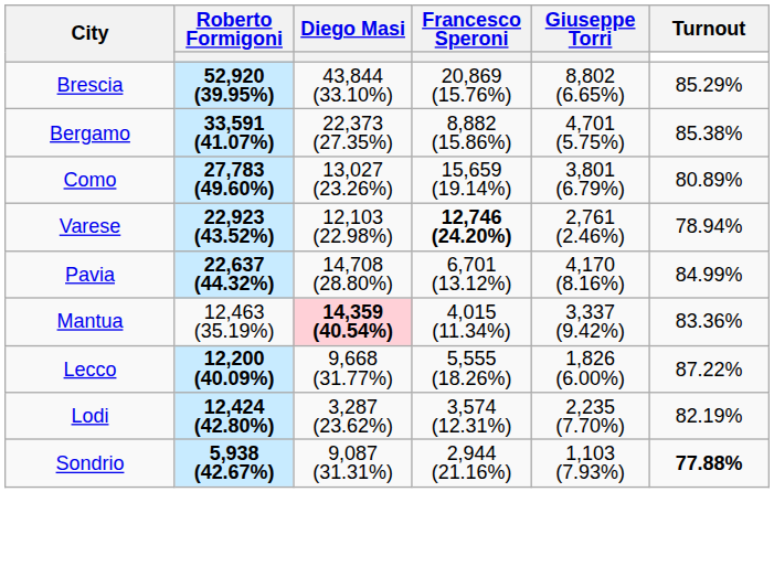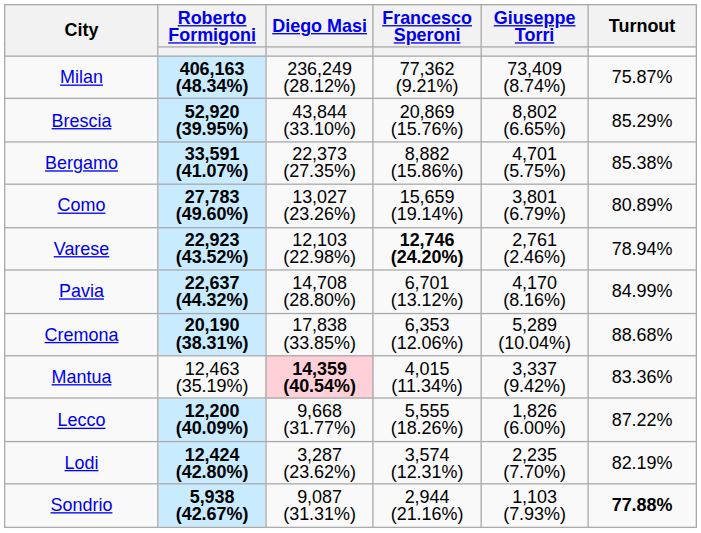 <table class="wikitable" style="text-align:center;font-size:85%;line-height:13px">
 <tr style="height:30px; background-color:#E9E9E9">
 <th style="width:110px;" rowspan="2">City</th>
 <th style="width:75px;"><a href='#'>Roberto Formigoni</a></th>
 <th style="width:75px;"><a href='#'>Diego Masi</a></th>
 <th style="width:75px;"><a href='#'>Francesco Speroni</a></th>
 <th style="width:75px;"><a href='#'>Giuseppe Torri</a></th>
 <th style="width:75px;">Turnout</th>
 </tr>
 <tr>
 <th style="background:"></th>
 <th style="background:"></th>
 <th style="background:"></th>
 <th style="background:"></th>
 <th style="background:white;"></th>
+</tr>
+<tr>
+<td><a href='#'>Milan</a></td>
+<td style="background:#C8EBFF"><strong>406,163 <br>(48.34%)</strong></td>
+<td>236,249 <br>(28.12%)</td>
+<td>77,362 <br>(9.21%)</td>
+<td>73,409 <br>(8.74%)</td>
+<td>75.87%</td>
 </tr>
 <tr>
 <td><a href='#'>Brescia</a></td>
 <td style="background:#C8EBFF"><strong>52,920 <br>(39.95%)</strong></td>
 <td>43,844 <br>(33.10%)</td>
 <td>20,869 <br>(15.76%)</td>
 <td>8,802 <br>(6.65%)</td>
 <td>85.29%</td>
 </tr>
 <tr>
 <td><a href='#'>Bergamo</a></td>
 <td style="background:#C8EBFF"><strong>33,591 <br>(41.07%)</strong></td>
 <td>22,373 <br>(27.35%)</td>
 <td>8,882 <br>(15.86%)</td>
 <td>4,701 <br>(5.75%)</td>
 <td>85.38%</td>
 </tr>
 <tr>
 <td><a href='#'>Como</a></td>
 <td style="background:#C8EBFF"><strong>27,783 <br>(49.60%)</strong></td>
 <td>13,027 <br>(23.26%)</td>
 <td>15,659 <br>(19.14%)</td>
 <td>3,801 <br>(6.79%)</td>
 <td>80.89%</td>
 </tr>
 <tr>
 <td><a href='#'>Varese</a></td>
 <td style="background:#C8EBFF"><strong>22,923 <br>(43.52%)</strong></td>
 <td>12,103 <br>(22.98%)</td>
 <td><strong>12,746 <br>(24.20%)</strong></td>
 <td>2,761 <br>(2.46%)</td>
 <td>78.94%</td>
 </tr>
 <tr>
 <td><a href='#'>Pavia</a></td>
 <td style="background:#C8EBFF"><strong>22,637 <br>(44.32%)</strong></td>
 <td>14,708 <br>(28.80%)</td>
 <td>6,701 <br>(13.12%)</td>
 <td>4,170 <br>(8.16%)</td>
 <td>84.99%</td>
 </tr>
 <tr>
+<td><a href='#'>Cremona</a></td>
+<td style="background:#C8EBFF"><strong>20,190 <br>(38.31%)</strong></td>
+<td>17,838 <br>(33.85%)</td>
+<td>6,353 <br>(12.06%)</td>
+<td>5,289 <br>(10.04%)</td>
+<td>88.68%</td>
+</tr>
+<tr>
 <td><a href='#'>Mantua</a></td>
 <td>12,463 <br>(35.19%)</td>
 <td style="background:#FFD0D7"><strong>14,359 (40.54%)</strong></td>
 <td>4,015 <br>(11.34%)</td>
 <td>3,337 <br>(9.42%)</td>
 <td>83.36%</td>
 </tr>
 <tr>
 <td><a href='#'>Lecco</a></td>
 <td style="background:#C8EBFF"><strong>12,200 <br>(40.09%)</strong></td>
 <td>9,668 <br>(31.77%)</td>
 <td>5,555 <br>(18.26%)</td>
 <td>1,826 <br>(6.00%)</td>
 <td>87.22%</td>
 </tr>
 <tr>
 <td><a href='#'>Lodi</a></td>
 <td style="background:#C8EBFF"><strong>12,424 <br>(42.80%)</strong></td>
 <td>3,287 <br>(23.62%)</td>
 <td>3,574 <br>(12.31%)</td>
 <td>2,235 <br>(7.70%)</td>
 <td>82.19%</td>
 </tr>
 <tr>
 <td><a href='#'>Sondrio</a></td>
 <td style="background:#C8EBFF"><strong>5,938 <br>(42.67%)</strong></td>
 <td>9,087 <br>(31.31%)</td>
 <td>2,944 <br>(21.16%)</td>
 <td>1,103 <br>(7.93%)</td>
 <td><strong>77.88%</strong></td>
 </tr>
 </table>
